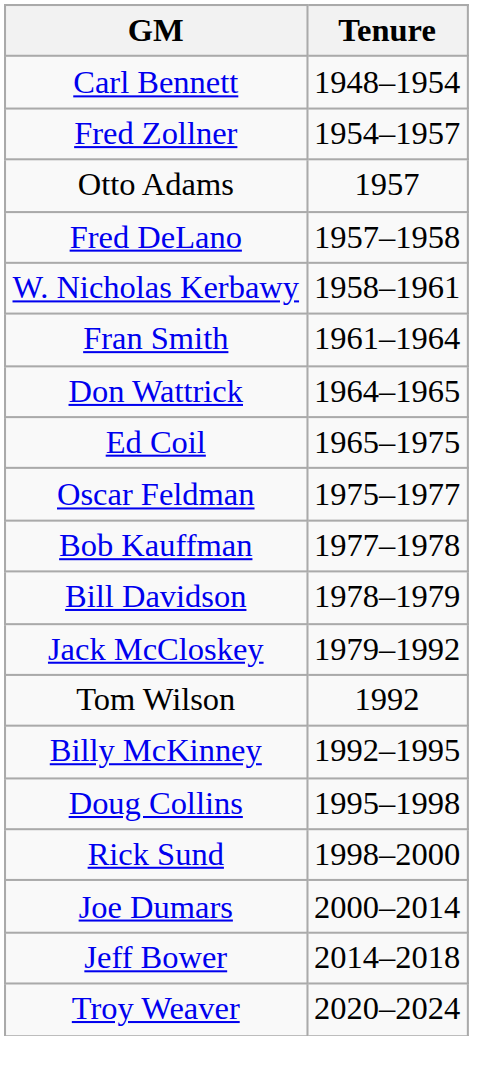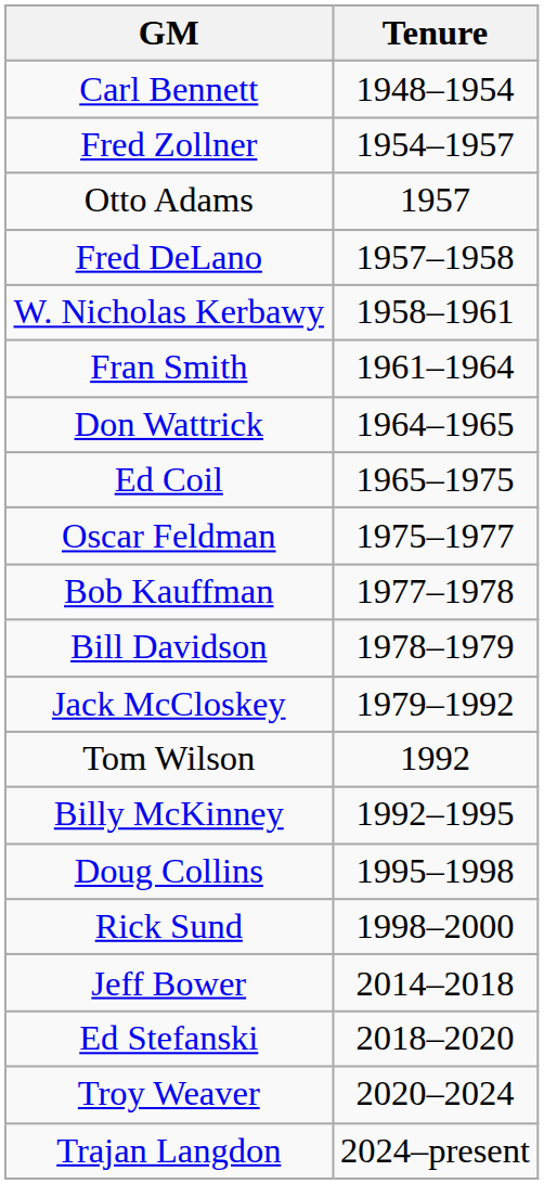 <table class="wikitable" style="text-align:center">
 <tr>
 <th>GM</th>
 <th>Tenure</th>
 </tr>
 <tr>
 <td><a href='#'>Carl Bennett</a></td>
 <td>1948–1954</td>
 </tr>
 <tr>
 <td><a href='#'>Fred Zollner</a></td>
 <td>1954–1957</td>
 </tr>
 <tr>
 <td>Otto Adams</td>
 <td>1957</td>
 </tr>
 <tr>
 <td><a href='#'>Fred DeLano</a></td>
 <td>1957–1958</td>
 </tr>
 <tr>
 <td><a href='#'>W. Nicholas Kerbawy</a></td>
 <td>1958–1961</td>
 </tr>
 <tr>
 <td><a href='#'>Fran Smith</a></td>
 <td>1961–1964</td>
 </tr>
 <tr>
 <td><a href='#'>Don Wattrick</a></td>
 <td>1964–1965</td>
 </tr>
 <tr>
 <td><a href='#'>Ed Coil</a></td>
 <td>1965–1975</td>
 </tr>
 <tr>
 <td><a href='#'>Oscar Feldman</a></td>
 <td>1975–1977</td>
 </tr>
 <tr>
 <td><a href='#'>Bob Kauffman</a></td>
 <td>1977–1978</td>
 </tr>
 <tr>
 <td><a href='#'>Bill Davidson</a></td>
 <td>1978–1979</td>
 </tr>
 <tr>
 <td><a href='#'>Jack McCloskey</a></td>
 <td>1979–1992</td>
 </tr>
 <tr>
 <td>Tom Wilson</td>
 <td>1992</td>
 </tr>
 <tr>
 <td><a href='#'>Billy McKinney</a></td>
 <td>1992–1995</td>
 </tr>
 <tr>
 <td><a href='#'>Doug Collins</a></td>
 <td>1995–1998</td>
 </tr>
 <tr>
 <td><a href='#'>Rick Sund</a></td>
 <td>1998–2000</td>
 </tr>
 <tr>
-<td><a href='#'>Joe Dumars</a></td>
-<td>2000–2014</td>
+<td><a href='#'>Jeff Bower</a></td>
+<td>2014–2018</td>
 </tr>
 <tr>
-<td><a href='#'>Jeff Bower</a></td>
-<td>2014–2018</td>
+<td><a href='#'>Ed Stefanski</a></td>
+<td>2018–2020</td>
 </tr>
 <tr>
 <td><a href='#'>Troy Weaver</a></td>
 <td>2020–2024</td>
 </tr>
+<tr>
+<td><a href='#'>Trajan Langdon</a></td>
+<td>2024–present</td>
+</tr>
 </table>
